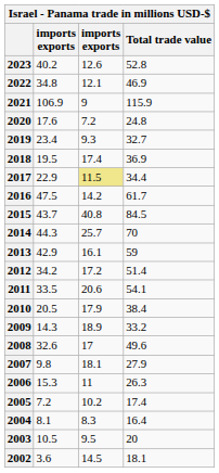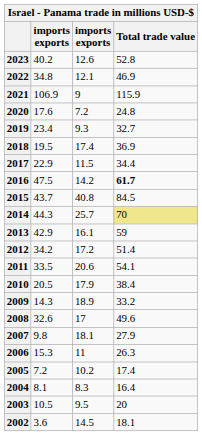 <table class="wikitable mw-collapsible mw-collapsed">
 <tr>
 <th colspan="4">Israel - Panama trade in millions USD-$ </th>
 </tr>
 <tr>
 <th></th>
 <th> imports<br> exports</th>
 <th> imports<br> exports</th>
 <th>Total trade value</th>
 </tr>
 <tr>
 <th>2023</th>
 <td>40.2</td>
 <td>12.6</td>
 <td>52.8</td>
 </tr>
 <tr>
 <th>2022</th>
 <td>34.8</td>
 <td>12.1</td>
 <td>46.9</td>
 </tr>
 <tr>
 <th>2021</th>
 <td>106.9</td>
 <td>9</td>
 <td>115.9</td>
 </tr>
 <tr>
 <th>2020</th>
 <td>17.6</td>
 <td>7.2</td>
 <td>24.8</td>
 </tr>
 <tr>
 <th>2019</th>
 <td>23.4</td>
 <td>9.3</td>
 <td>32.7</td>
 </tr>
 <tr>
 <th>2018</th>
 <td>19.5</td>
 <td>17.4</td>
 <td>36.9</td>
 </tr>
 <tr>
 <th>2017</th>
 <td>22.9</td>
-<td style="background: khaki;">11.5</td>
+<td>11.5</td>
 <td>34.4</td>
 </tr>
 <tr>
 <th>2016</th>
 <td>47.5</td>
 <td>14.2</td>
-<td>61.7</td>
+<td><strong>61.7</strong></td>
 </tr>
 <tr>
 <th>2015</th>
 <td>43.7</td>
 <td>40.8</td>
 <td>84.5</td>
 </tr>
 <tr>
 <th>2014</th>
 <td>44.3</td>
 <td>25.7</td>
-<td>70</td>
+<td style="background: khaki;">70</td>
 </tr>
 <tr>
 <th>2013</th>
 <td>42.9</td>
 <td>16.1</td>
 <td>59</td>
 </tr>
 <tr>
 <th>2012</th>
 <td>34.2</td>
 <td>17.2</td>
 <td>51.4</td>
 </tr>
 <tr>
 <th>2011</th>
 <td>33.5</td>
 <td>20.6</td>
 <td>54.1</td>
 </tr>
 <tr>
 <th>2010</th>
 <td>20.5</td>
 <td>17.9</td>
 <td>38.4</td>
 </tr>
 <tr>
 <th>2009</th>
 <td>14.3</td>
 <td>18.9</td>
 <td>33.2</td>
 </tr>
 <tr>
 <th>2008</th>
 <td>32.6</td>
 <td>17</td>
 <td>49.6</td>
 </tr>
 <tr>
 <th>2007</th>
 <td>9.8</td>
 <td>18.1</td>
 <td>27.9</td>
 </tr>
 <tr>
 <th>2006</th>
 <td>15.3</td>
 <td>11</td>
 <td>26.3</td>
 </tr>
 <tr>
 <th>2005</th>
 <td>7.2</td>
 <td>10.2</td>
 <td>17.4</td>
 </tr>
 <tr>
 <th>2004</th>
 <td>8.1</td>
 <td>8.3</td>
 <td>16.4</td>
 </tr>
 <tr>
 <th>2003</th>
 <td>10.5</td>
 <td>9.5</td>
 <td>20</td>
 </tr>
 <tr>
 <th>2002</th>
 <td>3.6</td>
 <td>14.5</td>
 <td>18.1</td>
 </tr>
 </table>
